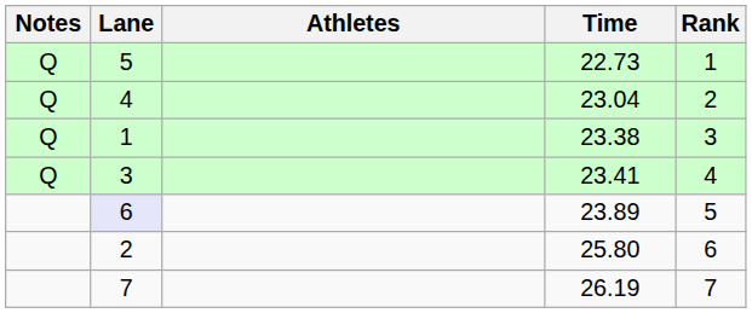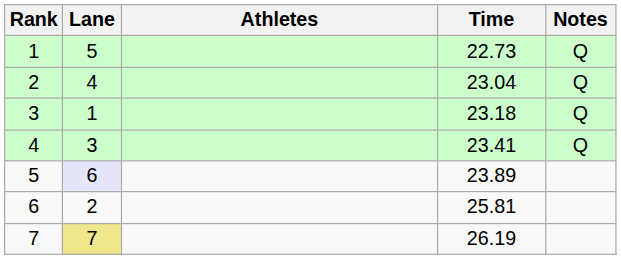 <table class="wikitable sortable" style="text-align:center;">
 <tr>
-<th width=50>Notes</th>
+<th width=40>Rank</th>
 <th width=40>Lane</th>
 <th width=250>Athletes</th>
 <th width=80>Time</th>
-<th width=40>Rank</th>
+<th width=50>Notes</th>
 </tr>
 <tr bgcolor=ccffcc>
-<td>Q</td>
+<td>1</td>
 <td>5</td>
 <td align=left></td>
 <td>22.73</td>
-<td>1</td>
+<td>Q</td>
 </tr>
 <tr bgcolor=ccffcc>
-<td>Q</td>
+<td>2</td>
 <td>4</td>
 <td align=left></td>
 <td>23.04</td>
-<td>2</td>
+<td>Q</td>
 </tr>
 <tr bgcolor=ccffcc>
-<td>Q</td>
+<td>3</td>
 <td>1</td>
 <td align=left></td>
-<td>23.38</td>
-<td>3</td>
+<td>23.18</td>
+<td>Q</td>
 </tr>
 <tr bgcolor=ccffcc>
-<td>Q</td>
+<td>4</td>
 <td>3</td>
 <td align=left></td>
 <td>23.41</td>
-<td>4</td>
+<td>Q</td>
 </tr>
 <tr>
-<td></td>
+<td>5</td>
 <td style="background: lavender;">6</td>
 <td align=left></td>
 <td>23.89</td>
-<td>5</td>
+<td></td>
 </tr>
 <tr>
-<td></td>
+<td>6</td>
 <td>2</td>
 <td align=left></td>
-<td>25.80</td>
-<td>6</td>
+<td>25.81</td>
+<td></td>
 </tr>
 <tr>
-<td></td>
 <td>7</td>
+<td style="background: khaki;">7</td>
 <td align=left></td>
 <td>26.19</td>
-<td>7</td>
+<td></td>
 </tr>
 </table>
